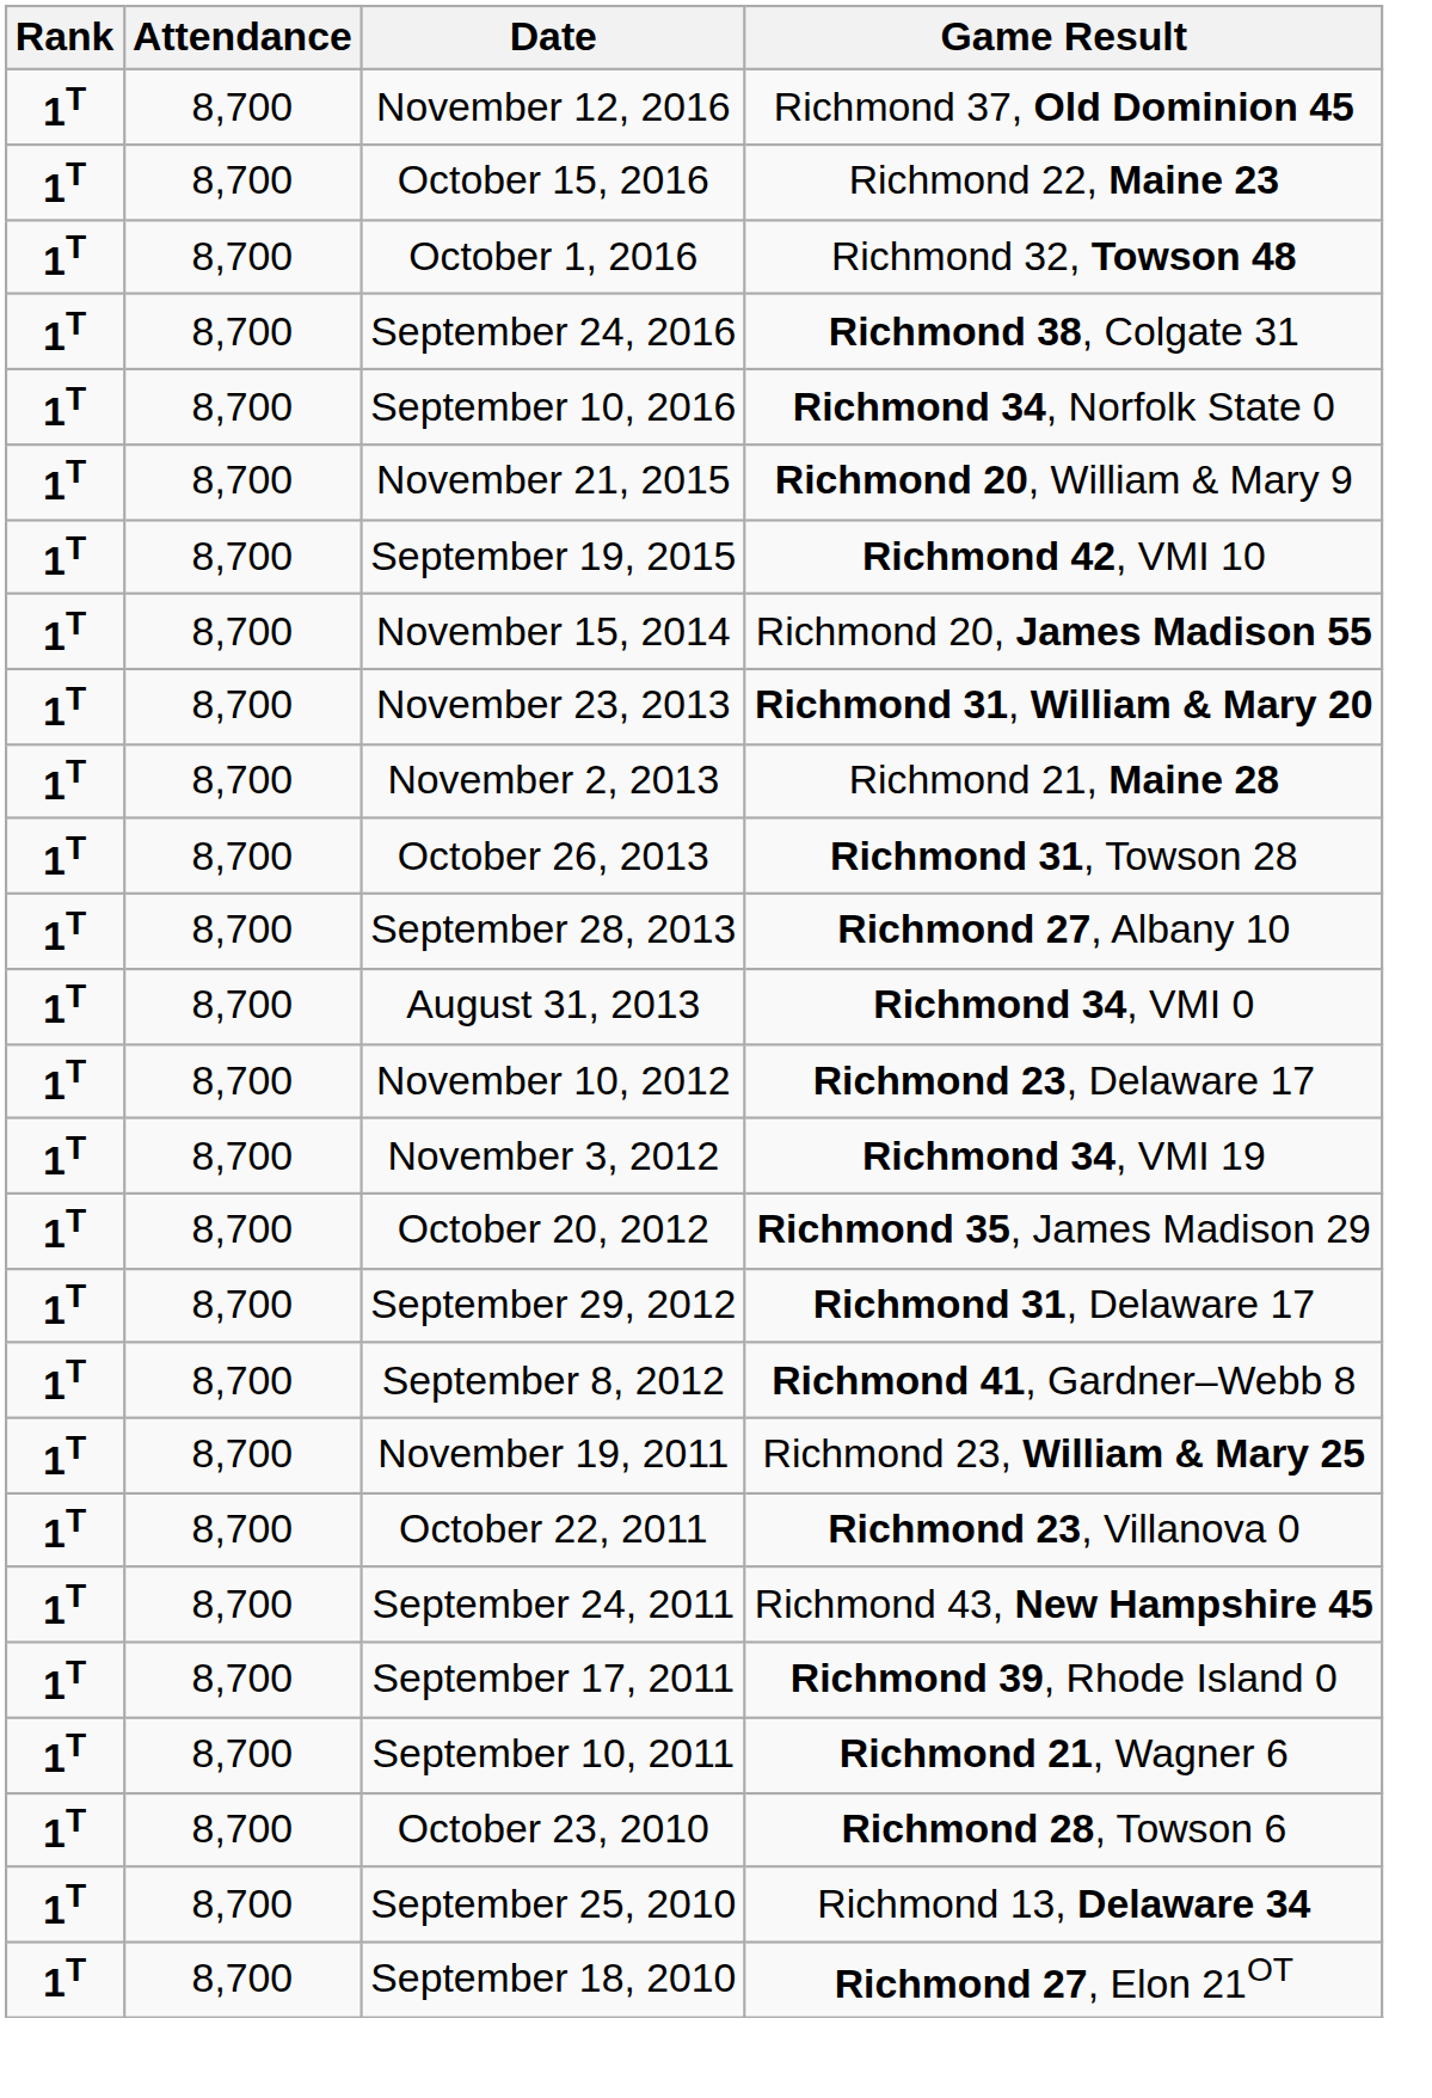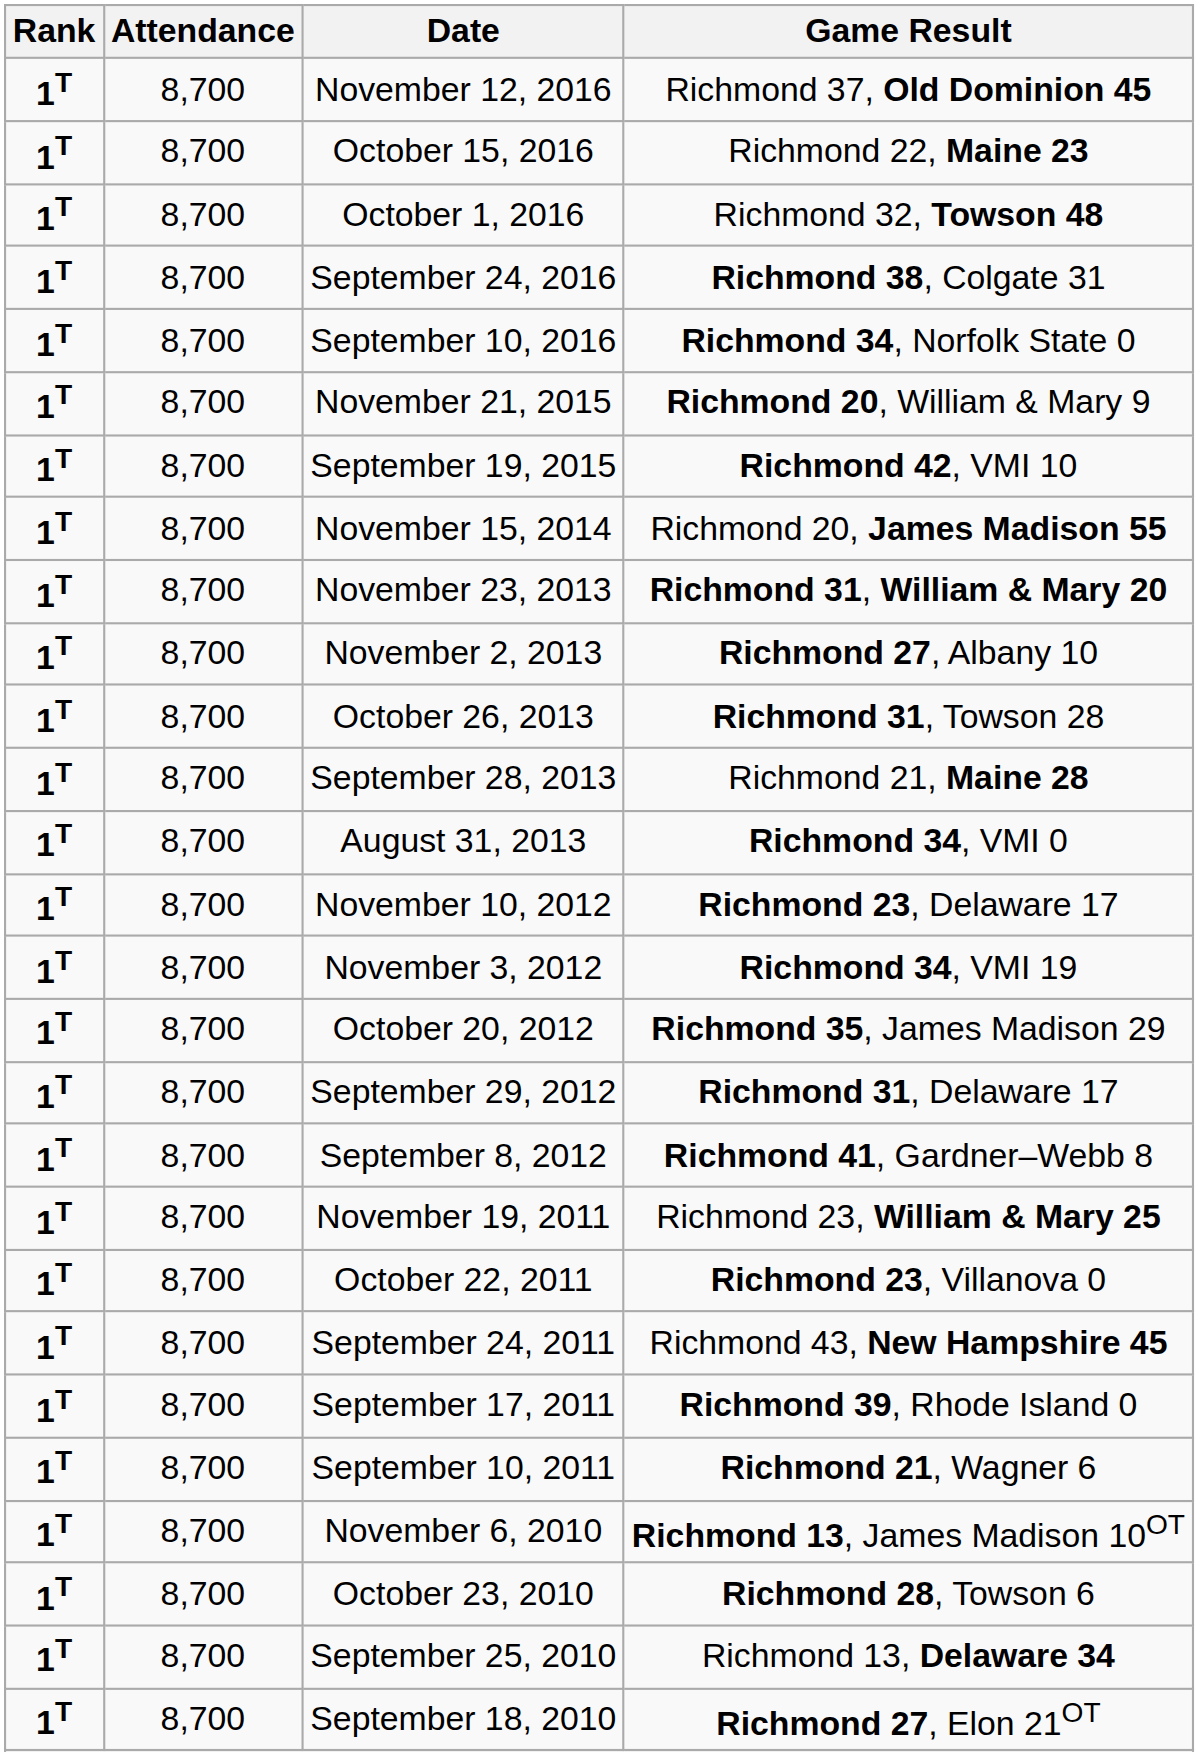 <table class="wikitable">
 <tr>
 <th>Rank</th>
 <th>Attendance</th>
 <th>Date</th>
 <th>Game Result</th>
 </tr>
 <tr align="center">
 <td><strong>1<sup>T</sup></strong></td>
 <td>8,700</td>
 <td>November 12, 2016</td>
 <td>Richmond 37, <strong> Old Dominion 45</strong></td>
 </tr>
 <tr align="center">
 <td><strong>1<sup>T</sup></strong></td>
 <td>8,700</td>
 <td>October 15, 2016</td>
 <td> Richmond 22, <strong> Maine 23</strong></td>
 </tr>
 <tr align="center">
 <td><strong>1<sup>T</sup></strong></td>
 <td>8,700</td>
 <td>October 1, 2016</td>
 <td>Richmond 32, <strong> Towson 48</strong></td>
 </tr>
 <tr align="center">
 <td><strong>1<sup>T</sup></strong></td>
 <td>8,700</td>
 <td>September 24, 2016</td>
 <td><strong> Richmond 38</strong>,  Colgate 31</td>
 </tr>
 <tr align="center">
 <td><strong>1<sup>T</sup></strong></td>
 <td>8,700</td>
 <td>September 10, 2016</td>
 <td><strong> Richmond 34</strong>, Norfolk State 0</td>
 </tr>
 <tr align="center">
 <td><strong>1<sup>T</sup></strong></td>
 <td>8,700</td>
 <td>November 21, 2015</td>
 <td><strong> Richmond 20</strong>,  William & Mary 9</td>
 </tr>
 <tr align="center">
 <td><strong>1<sup>T</sup></strong></td>
 <td>8,700</td>
 <td>September 19, 2015</td>
 <td><strong> Richmond 42</strong>, VMI 10</td>
 </tr>
 <tr align="center">
 <td><strong>1<sup>T</sup></strong></td>
 <td>8,700</td>
 <td>November 15, 2014</td>
 <td> Richmond 20, <strong> James Madison 55</strong></td>
 </tr>
 <tr align="center">
 <td><strong>1<sup>T</sup></strong></td>
 <td>8,700</td>
 <td>November 23, 2013</td>
 <td><strong>Richmond 31</strong>, <strong> William & Mary 20</strong></td>
 </tr>
 <tr align="center">
 <td><strong>1<sup>T</sup></strong></td>
 <td>8,700</td>
 <td>November 2, 2013</td>
-<td> Richmond 21, <strong>Maine 28</strong></td>
+<td><strong>Richmond 27</strong>, Albany 10</td>
 </tr>
 <tr align="center">
 <td><strong>1<sup>T</sup></strong></td>
 <td>8,700</td>
 <td>October 26, 2013</td>
 <td><strong> Richmond 31</strong>, Towson 28</td>
 </tr>
 <tr align="center">
 <td><strong>1<sup>T</sup></strong></td>
 <td>8,700</td>
 <td>September 28, 2013</td>
-<td><strong>Richmond 27</strong>, Albany 10</td>
+<td> Richmond 21, <strong>Maine 28</strong></td>
 </tr>
 <tr align="center">
 <td><strong>1<sup>T</sup></strong></td>
 <td>8,700</td>
 <td>August 31, 2013</td>
 <td><strong> Richmond 34</strong>, VMI 0</td>
 </tr>
 <tr align="center">
 <td><strong>1<sup>T</sup></strong></td>
 <td>8,700</td>
 <td>November 10, 2012</td>
 <td><strong> Richmond 23</strong>, Delaware 17</td>
 </tr>
 <tr align="center">
 <td><strong>1<sup>T</sup></strong></td>
 <td>8,700</td>
 <td>November 3, 2012</td>
 <td><strong> Richmond 34</strong>, VMI 19</td>
 </tr>
 <tr align="center">
 <td><strong>1<sup>T</sup></strong></td>
 <td>8,700</td>
 <td>October 20, 2012</td>
 <td><strong>Richmond 35</strong>,  James Madison 29</td>
 </tr>
 <tr align="center">
 <td><strong>1<sup>T</sup></strong></td>
 <td>8,700</td>
 <td>September 29, 2012</td>
 <td><strong> Richmond 31</strong>, Delaware 17</td>
 </tr>
 <tr align="center">
 <td><strong>1<sup>T</sup></strong></td>
 <td>8,700</td>
 <td>September 8, 2012</td>
 <td><strong>Richmond 41</strong>, Gardner–Webb 8</td>
 </tr>
 <tr align="center">
 <td><strong>1<sup>T</sup></strong></td>
 <td>8,700</td>
 <td>November 19, 2011</td>
 <td>Richmond 23, <strong>William & Mary 25</strong></td>
 </tr>
 <tr align="center">
 <td><strong>1<sup>T</sup></strong></td>
 <td>8,700</td>
 <td>October 22, 2011</td>
 <td><strong> Richmond 23</strong>,  Villanova 0</td>
 </tr>
 <tr align="center">
 <td><strong>1<sup>T</sup></strong></td>
 <td>8,700</td>
 <td>September 24, 2011</td>
 <td> Richmond 43, <strong> New Hampshire 45</strong></td>
 </tr>
 <tr align="center">
 <td><strong>1<sup>T</sup></strong></td>
 <td>8,700</td>
 <td>September 17, 2011</td>
 <td><strong> Richmond 39</strong>, Rhode Island 0</td>
 </tr>
 <tr align="center">
 <td><strong>1<sup>T</sup></strong></td>
 <td>8,700</td>
 <td>September 10, 2011</td>
 <td><strong> Richmond 21</strong>, Wagner 6</td>
 </tr>
 <tr align="center">
 <td><strong>1<sup>T</sup></strong></td>
 <td>8,700</td>
+<td>November 6, 2010</td>
+<td><strong> Richmond 13</strong>,  James Madison 10<sup>OT</sup></td>
+</tr>
+<tr align="center">
+<td><strong>1<sup>T</sup></strong></td>
+<td>8,700</td>
 <td>October 23, 2010</td>
 <td><strong> Richmond 28</strong>, Towson 6</td>
 </tr>
 <tr align="center">
 <td><strong>1<sup>T</sup></strong></td>
 <td>8,700</td>
 <td>September 25, 2010</td>
 <td> Richmond 13, <strong> Delaware 34</strong></td>
 </tr>
 <tr align="center">
 <td><strong>1<sup>T</sup></strong></td>
 <td>8,700</td>
 <td>September 18, 2010</td>
 <td><strong> Richmond 27</strong>,  Elon 21<sup>OT</sup></td>
 </tr>
 <tr align="center">
 </tr>
 <tr>
 </tr>
 </table>
